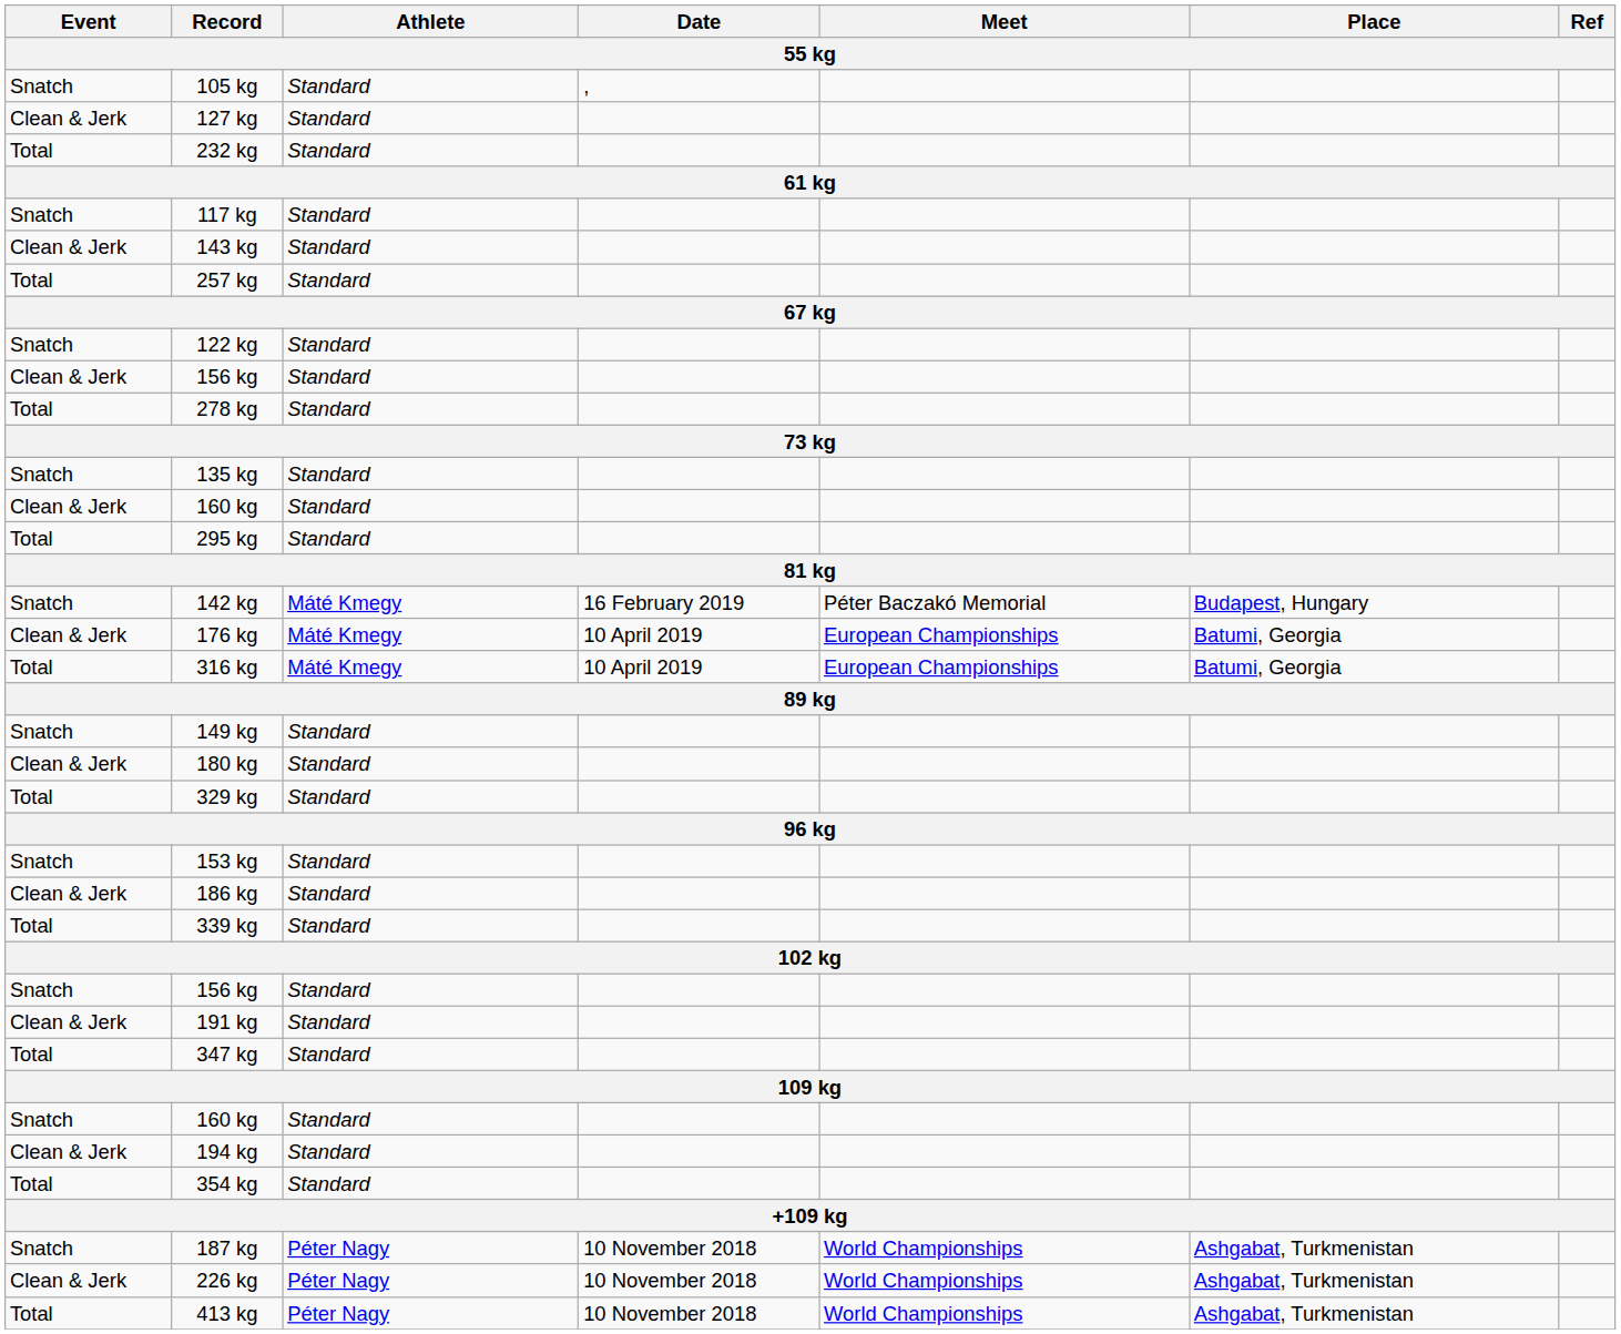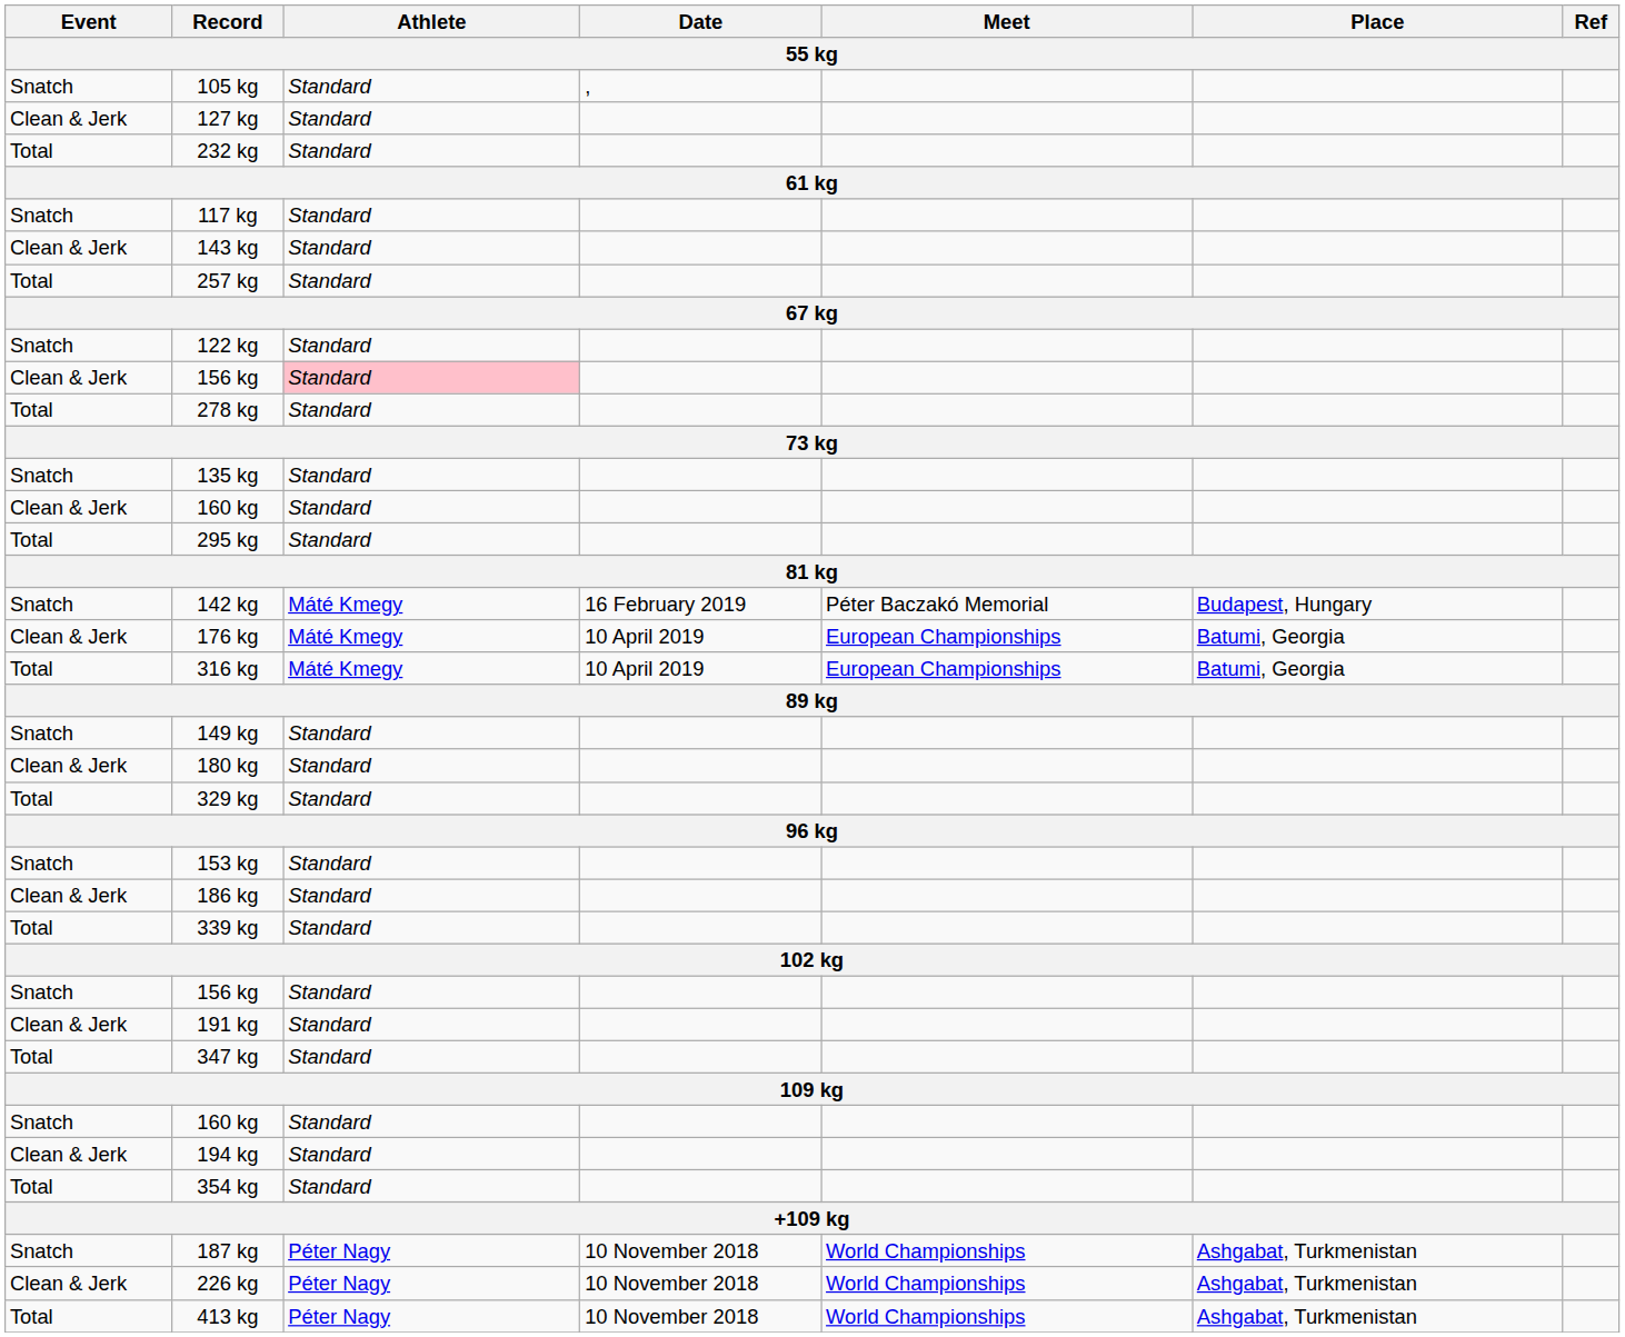 <table class="wikitable" style="font-size:95%; width: 95%;">
 <tr>
 <th width=9%>Event</th>
 <th width=6%>Record</th>
 <th width=16%>Athlete</th>
 <th width=13%>Date</th>
 <th width=20%>Meet</th>
 <th width=20%>Place</th>
 <th width=3%>Ref</th>
 </tr>
 <tr bgcolor="#DDDDDD">
 <th colspan="7">55 kg</th>
 </tr>
 <tr>
 <td>Snatch</td>
 <td align="center">105 kg</td>
 <td><em>Standard</em></td>
 <td>,</td>
 <td></td>
 <td></td>
 <td></td>
 </tr>
 <tr>
 <td>Clean & Jerk</td>
 <td align="center">127 kg</td>
 <td><em>Standard</em></td>
 <td></td>
 <td></td>
 <td></td>
 <td></td>
 </tr>
 <tr>
 <td>Total</td>
 <td align="center">232 kg</td>
 <td><em>Standard</em></td>
 <td></td>
 <td></td>
 <td></td>
 <td></td>
 </tr>
 <tr bgcolor="#DDDDDD">
 <th colspan="7">61 kg</th>
 </tr>
 <tr>
 <td>Snatch</td>
 <td align="center">117 kg</td>
 <td><em>Standard</em></td>
 <td></td>
 <td></td>
 <td></td>
 <td></td>
 </tr>
 <tr>
 <td>Clean & Jerk</td>
 <td align="center">143 kg</td>
 <td><em>Standard</em></td>
 <td></td>
 <td></td>
 <td></td>
 <td></td>
 </tr>
 <tr>
 <td>Total</td>
 <td align="center">257 kg</td>
 <td><em>Standard</em></td>
 <td></td>
 <td></td>
 <td></td>
 <td></td>
 </tr>
 <tr bgcolor="#DDDDDD">
 <th colspan="7">67 kg</th>
 </tr>
 <tr>
 <td>Snatch</td>
 <td align="center">122 kg</td>
 <td><em>Standard</em></td>
 <td></td>
 <td></td>
 <td></td>
 <td></td>
 </tr>
 <tr>
 <td>Clean & Jerk</td>
 <td align="center">156 kg</td>
-<td><em>Standard</em></td>
+<td style="background: pink;"><em>Standard</em></td>
 <td></td>
 <td></td>
 <td></td>
 <td></td>
 </tr>
 <tr>
 <td>Total</td>
 <td align="center">278 kg</td>
 <td><em>Standard</em></td>
 <td></td>
 <td></td>
 <td></td>
 <td></td>
 </tr>
 <tr bgcolor="#DDDDDD">
 <th colspan="7">73 kg</th>
 </tr>
 <tr>
 <td>Snatch</td>
 <td align="center">135 kg</td>
 <td><em>Standard</em></td>
 <td></td>
 <td></td>
 <td></td>
 <td></td>
 </tr>
 <tr>
 <td>Clean & Jerk</td>
 <td align="center">160 kg</td>
 <td><em>Standard</em></td>
 <td></td>
 <td></td>
 <td></td>
 <td></td>
 </tr>
 <tr>
 <td>Total</td>
 <td align="center">295 kg</td>
 <td><em>Standard</em></td>
 <td></td>
 <td></td>
 <td></td>
 <td></td>
 </tr>
 <tr bgcolor="#DDDDDD">
 <th colspan="7">81 kg</th>
 </tr>
 <tr>
 <td>Snatch</td>
 <td align="center">142 kg</td>
 <td><a href='#'>Máté Kmegy</a></td>
 <td>16 February 2019</td>
 <td>Péter Baczakó Memorial</td>
 <td><a href='#'>Budapest</a>, Hungary</td>
 <td></td>
 </tr>
 <tr>
 <td>Clean & Jerk</td>
 <td align="center">176 kg</td>
 <td><a href='#'>Máté Kmegy</a></td>
 <td>10 April 2019</td>
 <td><a href='#'>European Championships</a></td>
 <td><a href='#'>Batumi</a>, Georgia</td>
 <td></td>
 </tr>
 <tr>
 <td>Total</td>
 <td align="center">316 kg</td>
 <td><a href='#'>Máté Kmegy</a></td>
 <td>10 April 2019</td>
 <td><a href='#'>European Championships</a></td>
 <td><a href='#'>Batumi</a>, Georgia</td>
 <td></td>
 </tr>
 <tr bgcolor="#DDDDDD">
 <th colspan="7">89 kg</th>
 </tr>
 <tr>
 <td>Snatch</td>
 <td align="center">149 kg</td>
 <td><em>Standard</em></td>
 <td></td>
 <td></td>
 <td></td>
 <td></td>
 </tr>
 <tr>
 <td>Clean & Jerk</td>
 <td align="center">180 kg</td>
 <td><em>Standard</em></td>
 <td></td>
 <td></td>
 <td></td>
 <td></td>
 </tr>
 <tr>
 <td>Total</td>
 <td align="center">329 kg</td>
 <td><em>Standard</em></td>
 <td></td>
 <td></td>
 <td></td>
 <td></td>
 </tr>
 <tr bgcolor="#DDDDDD">
 <th colspan="7">96 kg</th>
 </tr>
 <tr>
 <td>Snatch</td>
 <td align="center">153 kg</td>
 <td><em>Standard</em></td>
 <td></td>
 <td></td>
 <td></td>
 <td></td>
 </tr>
 <tr>
 <td>Clean & Jerk</td>
 <td align="center">186 kg</td>
 <td><em>Standard</em></td>
 <td></td>
 <td></td>
 <td></td>
 <td></td>
 </tr>
 <tr>
 <td>Total</td>
 <td align="center">339 kg</td>
 <td><em>Standard</em></td>
 <td></td>
 <td></td>
 <td></td>
 <td></td>
 </tr>
 <tr bgcolor="#DDDDDD">
 <th colspan="7">102 kg</th>
 </tr>
 <tr>
 <td>Snatch</td>
 <td align="center">156 kg</td>
 <td><em>Standard</em></td>
 <td></td>
 <td></td>
 <td></td>
 <td></td>
 </tr>
 <tr>
 <td>Clean & Jerk</td>
 <td align="center">191 kg</td>
 <td><em>Standard</em></td>
 <td></td>
 <td></td>
 <td></td>
 <td></td>
 </tr>
 <tr>
 <td>Total</td>
 <td align="center">347 kg</td>
 <td><em>Standard</em></td>
 <td></td>
 <td></td>
 <td></td>
 <td></td>
 </tr>
 <tr bgcolor="#DDDDDD">
 <th colspan="7">109 kg</th>
 </tr>
 <tr>
 <td>Snatch</td>
 <td align="center">160 kg</td>
 <td><em>Standard</em></td>
 <td></td>
 <td></td>
 <td></td>
 <td></td>
 </tr>
 <tr>
 <td>Clean & Jerk</td>
 <td align="center">194 kg</td>
 <td><em>Standard</em></td>
 <td></td>
 <td></td>
 <td></td>
 <td></td>
 </tr>
 <tr>
 <td>Total</td>
 <td align="center">354 kg</td>
 <td><em>Standard</em></td>
 <td></td>
 <td></td>
 <td></td>
 <td></td>
 </tr>
 <tr bgcolor="#DDDDDD">
 <th colspan="7">+109 kg</th>
 </tr>
 <tr>
 <td>Snatch</td>
 <td align="center">187 kg</td>
 <td><a href='#'>Péter Nagy</a></td>
 <td>10 November 2018</td>
 <td><a href='#'>World Championships</a></td>
 <td><a href='#'>Ashgabat</a>, Turkmenistan</td>
 <td></td>
 </tr>
 <tr>
 <td>Clean & Jerk</td>
 <td align="center">226 kg</td>
 <td><a href='#'>Péter Nagy</a></td>
 <td>10 November 2018</td>
 <td><a href='#'>World Championships</a></td>
 <td><a href='#'>Ashgabat</a>, Turkmenistan</td>
 <td></td>
 </tr>
 <tr>
 <td>Total</td>
 <td align="center">413 kg</td>
 <td><a href='#'>Péter Nagy</a></td>
 <td>10 November 2018</td>
 <td><a href='#'>World Championships</a></td>
 <td><a href='#'>Ashgabat</a>, Turkmenistan</td>
 <td></td>
 </tr>
 </table>
